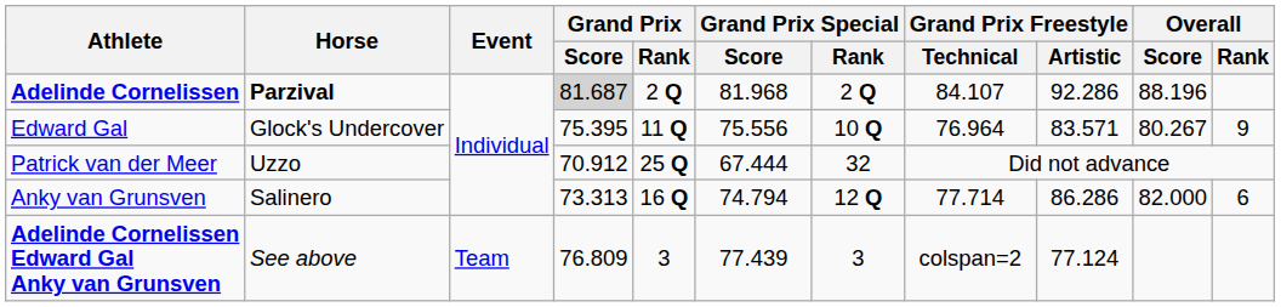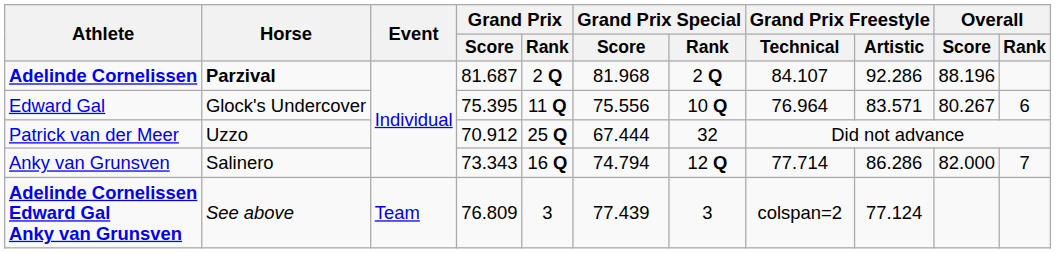 <table class=wikitable style="font-size:90%">
 <tr>
 <th rowspan="2">Athlete</th>
 <th rowspan="2">Horse</th>
 <th rowspan="2">Event</th>
 <th colspan="2">Grand Prix</th>
 <th colspan="2">Grand Prix Special</th>
 <th colspan="2">Grand Prix Freestyle</th>
 <th colspan="2">Overall</th>
 </tr>
 <tr style="font-size:95%">
 <th>Score</th>
 <th>Rank</th>
 <th>Score</th>
 <th>Rank</th>
 <th>Technical</th>
 <th>Artistic</th>
 <th>Score</th>
 <th>Rank</th>
 </tr>
 <tr align=center>
 <td align=left><strong><a href='#'>Adelinde Cornelissen</a></strong></td>
 <td align=left><strong>Parzival</strong></td>
 <td rowspan=4 align=left><a href='#'>Individual</a></td>
-<td style="background: lightgrey;">81.687</td>
+<td>81.687</td>
 <td>2 <strong>Q</strong></td>
 <td>81.968</td>
 <td>2 <strong>Q</strong></td>
 <td>84.107</td>
 <td>92.286</td>
 <td>88.196</td>
 <td></td>
 </tr>
 <tr align=center>
 <td align=left><a href='#'>Edward Gal</a></td>
 <td align=left>Glock's Undercover</td>
 <td>75.395</td>
 <td>11 <strong>Q</strong></td>
 <td>75.556</td>
 <td>10 <strong>Q</strong></td>
 <td>76.964</td>
 <td>83.571</td>
 <td>80.267</td>
-<td>9</td>
+<td>6</td>
 </tr>
 <tr align=center>
 <td align=left><a href='#'>Patrick van der Meer</a></td>
 <td align=left>Uzzo</td>
 <td>70.912</td>
 <td>25 <strong>Q</strong></td>
 <td>67.444</td>
 <td>32</td>
 <td colspan=4>Did not advance</td>
 </tr>
 <tr align=center>
 <td align=left><a href='#'>Anky van Grunsven</a></td>
 <td align=left>Salinero</td>
-<td>73.313</td>
+<td>73.343</td>
 <td>16 <strong>Q</strong></td>
 <td>74.794</td>
 <td>12 <strong>Q</strong></td>
 <td>77.714</td>
 <td>86.286</td>
 <td>82.000</td>
-<td>6</td>
+<td>7</td>
 </tr>
 <tr align=center>
 <td align=left><strong><a href='#'>Adelinde Cornelissen</a><br><a href='#'>Edward Gal</a><br><a href='#'>Anky van Grunsven</a></strong></td>
 <td align=left><em>See above</em></td>
 <td align=left><a href='#'>Team</a></td>
 <td>76.809</td>
 <td>3</td>
 <td>77.439</td>
 <td>3</td>
 <td>colspan=2 </td>
 <td>77.124</td>
 <td></td>
 </tr>
 </table>
